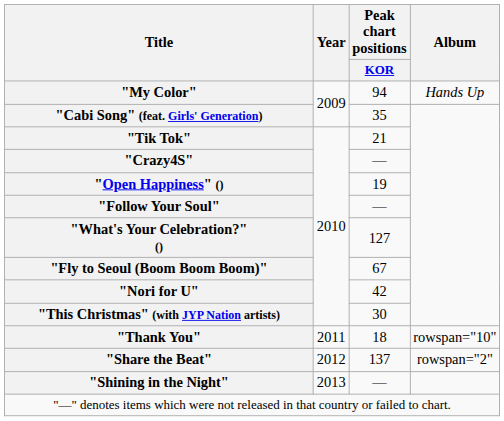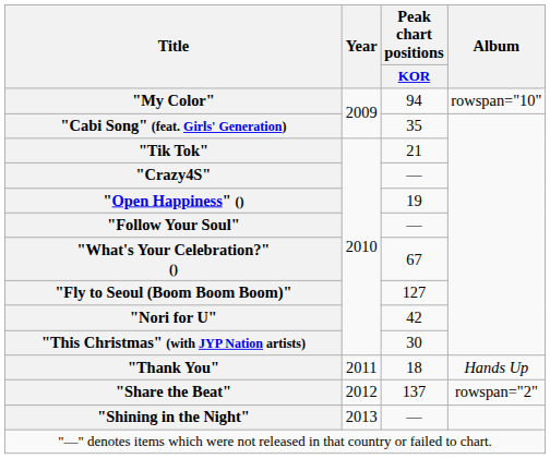 <table class="wikitable plainrowheaders" style="text-align:center">
 <tr>
 <th scope="col" rowspan="2" style="width:21em;">Title</th>
 <th scope="col" rowspan="2">Year</th>
 <th scope="col" colspan="1">Peak chart positions</th>
 <th scope="col" rowspan="2">Album</th>
 </tr>
 <tr>
 <th scope="col" style="width:3em;font-size:90%;"><a href='#'>KOR</a><br></th>
 </tr>
 <tr>
 <th scope="row">"My Color"</th>
 <td rowspan="2">2009</td>
 <td>94</td>
-<td><em>Hands Up</em></td>
+<td>rowspan="10" </td>
 </tr>
 <tr>
 <th scope="row">"Cabi Song" <small>(feat. <a href='#'>Girls' Generation</a>)</small></th>
 <td>35</td>
 </tr>
 <tr>
 <th scope="row">"Tik Tok"</th>
 <td rowspan="8">2010</td>
 <td>21</td>
 </tr>
 <tr>
 <th scope="row">"Crazy4S"</th>
 <td>—</td>
 </tr>
 <tr>
 <th scope="row">"<a href='#'>Open Happiness</a>" <small>()</small></th>
 <td>19</td>
 </tr>
 <tr>
 <th scope="row">"Follow Your Soul"</th>
 <td>—</td>
 </tr>
 <tr>
 <th scope="row">"What's Your Celebration?"<br><small>()</small></th>
-<td>127</td>
+<td>67</td>
 </tr>
 <tr>
 <th scope="row">"Fly to Seoul (Boom Boom Boom)"</th>
-<td>67</td>
+<td>127</td>
 </tr>
 <tr>
 <th scope="row">"Nori for U"</th>
 <td>42</td>
 </tr>
 <tr>
 <th scope="row">"This Christmas" <small>(with <a href='#'>JYP Nation</a> artists)</small></th>
 <td>30</td>
 </tr>
 <tr>
 <th scope="row">"Thank You"</th>
 <td>2011</td>
 <td>18</td>
-<td>rowspan="10" </td>
+<td><em>Hands Up</em></td>
 </tr>
 <tr>
 <th scope="row">"Share the Beat"</th>
 <td>2012</td>
 <td>137</td>
 <td>rowspan="2" </td>
 </tr>
 <tr>
 <th scope="row">"Shining in the Night"</th>
 <td>2013</td>
 <td>—</td>
 </tr>
 <tr>
 <td colspan="4" style="font-size:90%;">"—" denotes items which were not released in that country or failed to chart.</td>
 </tr>
 </table>
